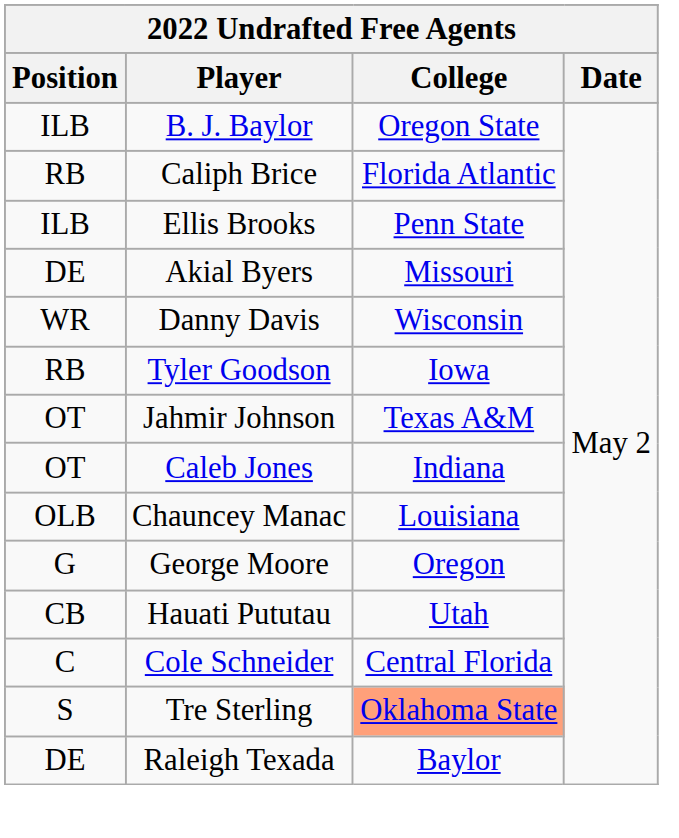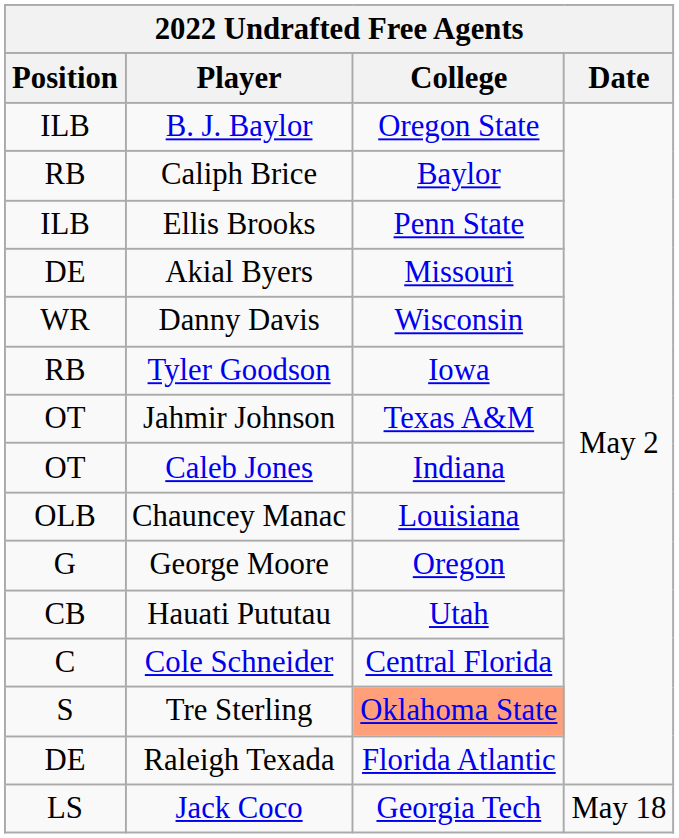 <table class="wikitable" style="text-align:center">
 <tr>
 <th colspan=4>2022 Undrafted Free Agents</th>
 </tr>
 <tr>
 <th>Position</th>
 <th>Player</th>
 <th>College</th>
 <th>Date</th>
 </tr>
 <tr>
 <td>ILB</td>
 <td><a href='#'>B. J. Baylor</a></td>
 <td><a href='#'>Oregon State</a></td>
 <td rowspan="14">May 2</td>
 </tr>
 <tr>
 <td>RB</td>
 <td>Caliph Brice</td>
-<td><a href='#'>Florida Atlantic</a></td>
+<td><a href='#'>Baylor</a></td>
 </tr>
 <tr>
 <td>ILB</td>
 <td>Ellis Brooks</td>
 <td><a href='#'>Penn State</a></td>
 </tr>
 <tr>
 <td>DE</td>
 <td>Akial Byers</td>
 <td><a href='#'>Missouri</a></td>
 </tr>
 <tr>
 <td>WR</td>
 <td>Danny Davis</td>
 <td><a href='#'>Wisconsin</a></td>
 </tr>
 <tr>
 <td>RB</td>
 <td><a href='#'>Tyler Goodson</a></td>
 <td><a href='#'>Iowa</a></td>
 </tr>
 <tr>
 <td>OT</td>
 <td>Jahmir Johnson</td>
 <td><a href='#'>Texas A&M</a></td>
 </tr>
 <tr>
 <td>OT</td>
 <td><a href='#'>Caleb Jones</a></td>
 <td><a href='#'>Indiana</a></td>
 </tr>
 <tr>
 <td>OLB</td>
 <td>Chauncey Manac</td>
 <td><a href='#'>Louisiana</a></td>
 </tr>
 <tr>
 <td>G</td>
 <td>George Moore</td>
 <td><a href='#'>Oregon</a></td>
 </tr>
 <tr>
 <td>CB</td>
 <td>Hauati Pututau</td>
 <td><a href='#'>Utah</a></td>
 </tr>
 <tr>
 <td>C</td>
 <td><a href='#'>Cole Schneider</a></td>
 <td><a href='#'>Central Florida</a></td>
 </tr>
 <tr>
 <td>S</td>
 <td>Tre Sterling</td>
 <td style="background: lightsalmon;"><a href='#'>Oklahoma State</a></td>
 </tr>
 <tr>
 <td>DE</td>
 <td>Raleigh Texada</td>
-<td><a href='#'>Baylor</a></td>
+<td><a href='#'>Florida Atlantic</a></td>
+</tr>
+<tr>
+<td>LS</td>
+<td><a href='#'>Jack Coco</a></td>
+<td><a href='#'>Georgia Tech</a></td>
+<td>May 18</td>
 </tr>
 </table>
